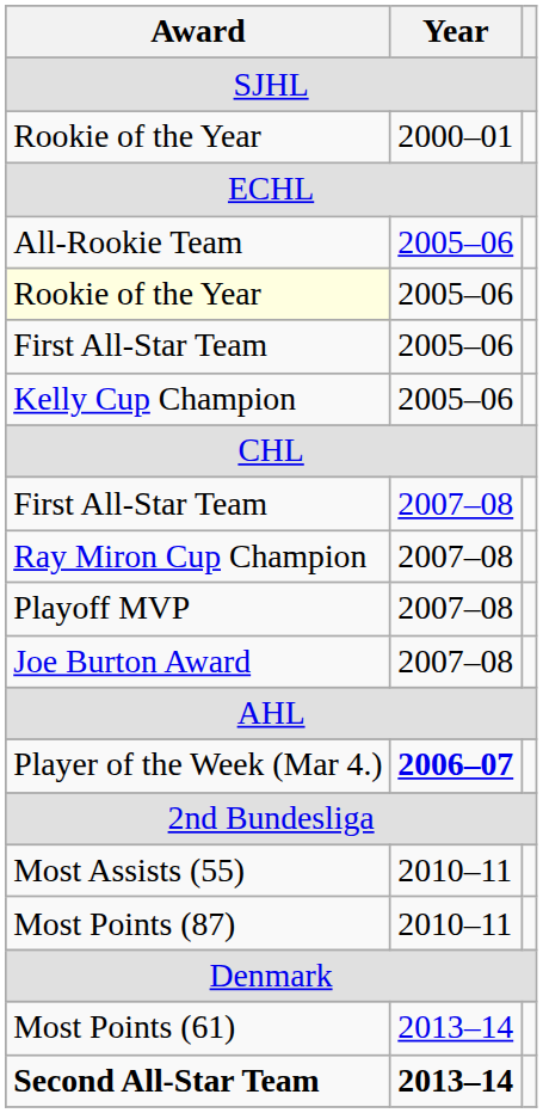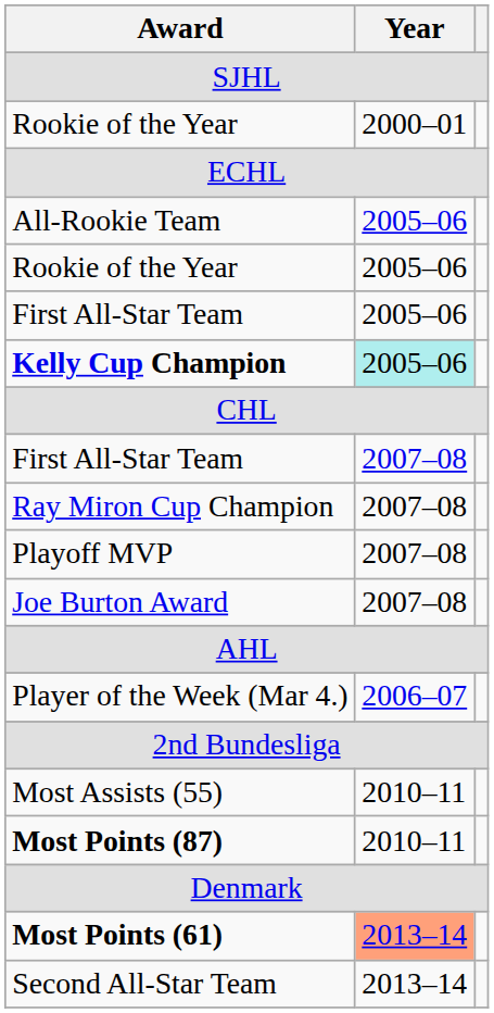 <table class="wikitable">
 <tr>
 <th>Award</th>
 <th>Year</th>
 <th></th>
 </tr>
 <tr ALIGN="center" bgcolor="#e0e0e0">
 <td colspan="3"><a href='#'>SJHL</a></td>
 </tr>
 <tr>
 <td>Rookie of the Year</td>
 <td>2000–01</td>
 <td></td>
 </tr>
 <tr ALIGN="center" bgcolor="#e0e0e0">
 <td colspan="3"><a href='#'>ECHL</a></td>
 </tr>
 <tr>
 <td>All-Rookie Team</td>
 <td><a href='#'>2005–06</a></td>
 <td></td>
 </tr>
 <tr>
-<td style="background: lightyellow;">Rookie of the Year</td>
+<td>Rookie of the Year</td>
 <td>2005–06</td>
 <td></td>
 </tr>
 <tr>
 <td>First All-Star Team</td>
 <td>2005–06</td>
 <td></td>
 </tr>
 <tr>
-<td><a href='#'>Kelly Cup</a> Champion</td>
-<td>2005–06</td>
+<td><strong><a href='#'>Kelly Cup</a> Champion</strong></td>
+<td style="background: paleturquoise;">2005–06</td>
 <td></td>
 </tr>
 <tr ALIGN="center" bgcolor="#e0e0e0">
 <td colspan="3"><a href='#'>CHL</a></td>
 </tr>
 <tr>
 <td>First All-Star Team</td>
 <td><a href='#'>2007–08</a></td>
 <td></td>
 </tr>
 <tr>
 <td><a href='#'>Ray Miron Cup</a> Champion</td>
 <td>2007–08</td>
 <td></td>
 </tr>
 <tr>
 <td>Playoff MVP</td>
 <td>2007–08</td>
 <td></td>
 </tr>
 <tr>
 <td><a href='#'>Joe Burton Award</a></td>
 <td>2007–08</td>
 <td></td>
 </tr>
 <tr ALIGN="center" bgcolor="#e0e0e0">
 <td colspan="3"><a href='#'>AHL</a></td>
 </tr>
 <tr>
 <td>Player of the Week (Mar 4.)</td>
-<td><strong><a href='#'>2006–07</a></strong></td>
+<td><a href='#'>2006–07</a></td>
 <td></td>
 </tr>
 <tr ALIGN="center" bgcolor="#e0e0e0">
 <td colspan="3"><a href='#'>2nd Bundesliga</a></td>
 </tr>
 <tr>
 <td>Most Assists (55)</td>
 <td>2010–11</td>
 <td></td>
 </tr>
 <tr>
-<td>Most Points (87)</td>
+<td><strong>Most Points (87)</strong></td>
 <td>2010–11</td>
 <td></td>
 </tr>
 <tr ALIGN="center" bgcolor="#e0e0e0">
 <td colspan="3"><a href='#'>Denmark</a></td>
 </tr>
 <tr>
-<td>Most Points (61)</td>
-<td><a href='#'>2013–14</a></td>
+<td><strong>Most Points (61)</strong></td>
+<td style="background: lightsalmon;"><a href='#'>2013–14</a></td>
 <td></td>
 </tr>
 <tr>
-<td><strong>Second All-Star Team</strong></td>
-<td><strong>2013–14</strong></td>
+<td>Second All-Star Team</td>
+<td>2013–14</td>
 <td></td>
 </tr>
 </table>
